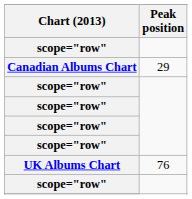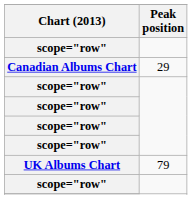 <table class="wikitable sortable plainrowheaders" style="text-align: center">
 <tr>
 </tr>
 <tr>
 <th scope="col">Chart (2013)</th>
 <th scope="col">Peak<br>position</th>
 </tr>
 <tr>
 <th>scope="row" </th>
 </tr>
 <tr>
 <th scope="row"><a href='#'>Canadian Albums Chart</a></th>
 <td style="text-align:center;">29</td>
 </tr>
 <tr>
 <th>scope="row" </th>
 </tr>
 <tr>
 <th>scope="row" </th>
 </tr>
 <tr>
 <th>scope="row" </th>
 </tr>
 <tr>
 <th>scope="row" </th>
 </tr>
 <tr>
 <th scope="row"><a href='#'>UK Albums Chart</a></th>
-<td style="text-align:center;">76</td>
+<td style="text-align:center;">79</td>
 </tr>
 <tr>
 <th>scope="row" </th>
 </tr>
 <tr>
 </tr>
 <tr>
 </tr>
 </table>
